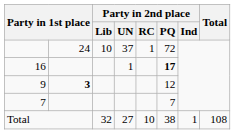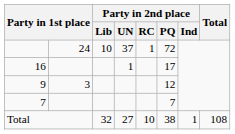 <table class="wikitable" style="text-align:right;">
 <tr>
 <th rowspan="2" colspan="2" style="text-align:left;">Party in 1st place</th>
 <th colspan="5">Party in 2nd place</th>
 <th rowspan="2">Total</th>
 </tr>
 <tr>
 <th>Lib</th>
 <th>UN</th>
 <th>RC</th>
 <th>PQ</th>
 <th>Ind</th>
 </tr>
 <tr>
 <td></td>
 <td>24</td>
 <td>10</td>
 <td>37</td>
 <td>1</td>
 <td>72</td>
 </tr>
 <tr>
 <td>16</td>
 <td></td>
 <td></td>
 <td>1</td>
 <td></td>
-<td><strong>17</strong></td>
+<td>17</td>
 </tr>
 <tr>
 <td>9</td>
-<td><strong>3</strong></td>
+<td>3</td>
 <td></td>
 <td></td>
 <td></td>
 <td>12</td>
 </tr>
 <tr>
 <td>7</td>
 <td></td>
 <td></td>
 <td></td>
 <td></td>
 <td>7</td>
 </tr>
 <tr>
 <td colspan="2" style="text-align:left;">Total</td>
 <td>32</td>
 <td>27</td>
 <td>10</td>
 <td>38</td>
 <td>1</td>
 <td>108</td>
 </tr>
 </table>
